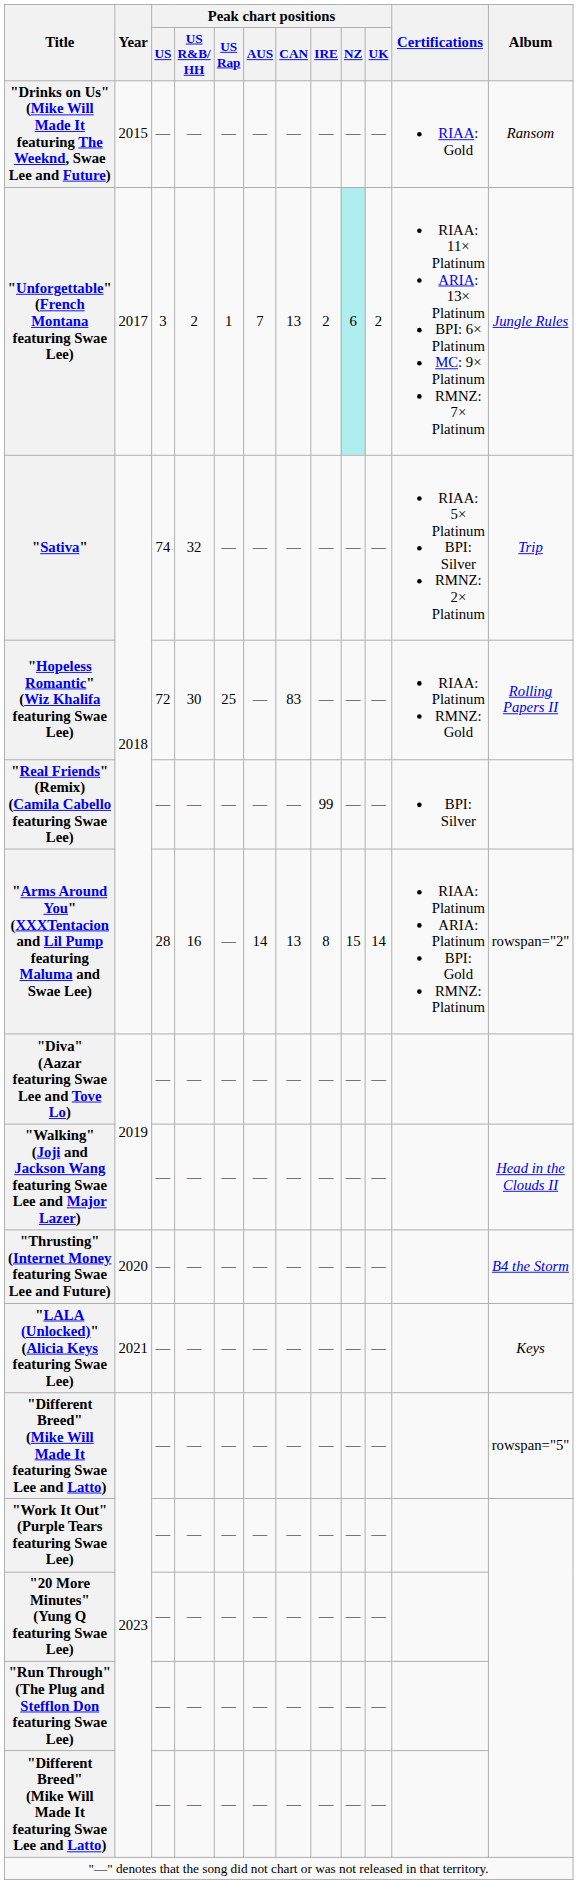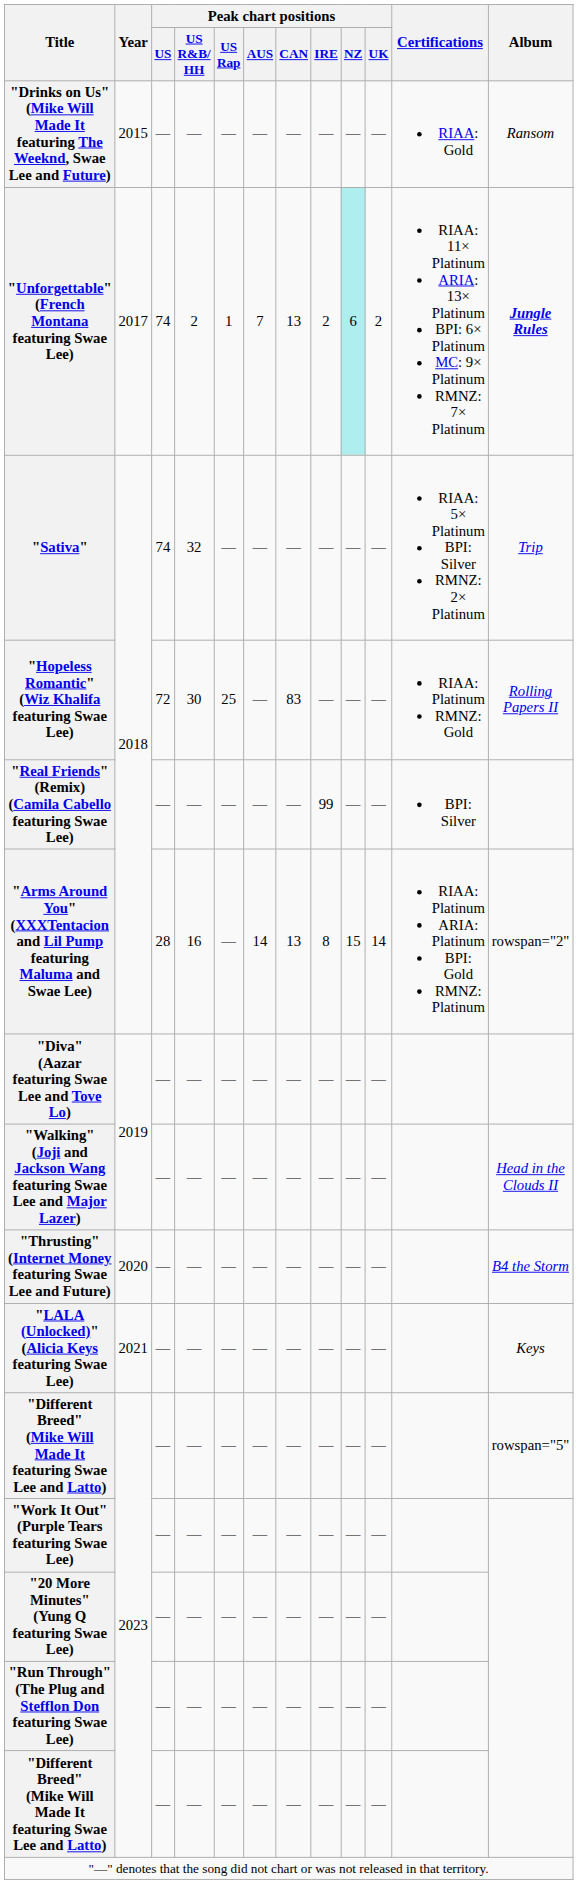 <table class="wikitable plainrowheaders" style="text-align:center;">
 <tr>
 <th scope="col" rowspan="2">Title</th>
 <th scope="col" rowspan="2">Year</th>
 <th scope="col" colspan="8">Peak chart positions</th>
 <th scope="col" rowspan="2"><a href='#'>Certifications</a></th>
 <th scope="col" rowspan="2">Album</th>
 </tr>
 <tr>
 <th scope="col" style="width:3em;font-size:90%;"><a href='#'>US</a><br></th>
 <th scope="col" style="width:3em;font-size:90%;"><a href='#'>US<br>R&B/<br>HH</a><br></th>
 <th scope="col" style="width:3em;font-size:90%;"><a href='#'>US<br>Rap</a><br></th>
 <th scope="col" style="width:3em;font-size:90%;"><a href='#'>AUS</a><br></th>
 <th scope="col" style="width:3em;font-size:90%;"><a href='#'>CAN</a><br></th>
 <th scope="col" style="width:3em;font-size:90%;"><a href='#'>IRE</a><br></th>
 <th scope="col" style="width:3em;font-size:90%;"><a href='#'>NZ</a><br></th>
 <th scope="col" style="width:3em;font-size:90%;"><a href='#'>UK</a><br></th>
 </tr>
 <tr>
 <th scope="row">"Drinks on Us"<br><span>(<a href='#'>Mike Will Made It</a> featuring <a href='#'>The Weeknd</a>, Swae Lee and <a href='#'>Future</a>)</span></th>
 <td>2015</td>
 <td>—</td>
 <td>—</td>
 <td>—</td>
 <td>—</td>
 <td>—</td>
 <td>—</td>
 <td>—</td>
 <td>—</td>
 <td><br><ul><li><a href='#'>RIAA</a>: Gold</li></ul></td>
 <td><em>Ransom</em></td>
 </tr>
 <tr>
 <th scope="row">"<a href='#'>Unforgettable</a>"<br><span>(<a href='#'>French Montana</a> featuring Swae Lee)</span></th>
 <td>2017</td>
-<td>3</td>
+<td>74</td>
 <td>2</td>
 <td>1</td>
 <td>7</td>
 <td>13</td>
 <td>2</td>
 <td style="background: paleturquoise;">6</td>
 <td>2</td>
 <td><br><ul><li>RIAA: 11× Platinum</li><li><a href='#'>ARIA</a>: 13× Platinum</li><li>BPI: 6× Platinum</li><li><a href='#'>MC</a>: 9× Platinum</li><li>RMNZ: 7× Platinum</li></ul></td>
-<td><em><a href='#'>Jungle Rules</a></em></td>
+<td><strong><em><a href='#'>Jungle Rules</a></em></strong></td>
 </tr>
 <tr>
 <th scope="row">"<a href='#'>Sativa</a>"<br></th>
 <td rowspan="4">2018</td>
 <td>74</td>
 <td>32</td>
 <td>—</td>
 <td>—</td>
 <td>—</td>
 <td>—</td>
 <td>—</td>
 <td>—</td>
 <td><br><ul><li>RIAA: 5× Platinum</li><li>BPI: Silver</li><li>RMNZ: 2× Platinum</li></ul></td>
 <td><em><a href='#'>Trip</a></em></td>
 </tr>
 <tr>
 <th scope="row">"<a href='#'>Hopeless Romantic</a>"<br><span>(<a href='#'>Wiz Khalifa</a> featuring Swae Lee)</span></th>
 <td>72</td>
 <td>30</td>
 <td>25</td>
 <td>—</td>
 <td>83</td>
 <td>—</td>
 <td>—</td>
 <td>—</td>
 <td><br><ul><li>RIAA: Platinum</li><li>RMNZ: Gold</li></ul></td>
 <td><em><a href='#'>Rolling Papers II</a></em></td>
 </tr>
 <tr>
 <th scope="row">"<a href='#'>Real Friends</a>" (Remix)<br><span>(<a href='#'>Camila Cabello</a> featuring Swae Lee)</span></th>
 <td>—</td>
 <td>—</td>
 <td>—</td>
 <td>—</td>
 <td>—</td>
 <td>99</td>
 <td>—</td>
 <td>—</td>
 <td><br><ul><li>BPI: Silver</li></ul></td>
 <td></td>
 </tr>
 <tr>
 <th scope="row">"<a href='#'>Arms Around You</a>"<br><span>(<a href='#'>XXXTentacion</a> and <a href='#'>Lil Pump</a> featuring <a href='#'>Maluma</a> and Swae Lee)</span></th>
 <td>28</td>
 <td>16</td>
 <td>—</td>
 <td>14</td>
 <td>13</td>
 <td>8</td>
 <td>15</td>
 <td>14</td>
 <td><br><ul><li>RIAA: Platinum</li><li>ARIA: Platinum</li><li>BPI: Gold</li><li>RMNZ: Platinum</li></ul></td>
 <td>rowspan="2" </td>
 </tr>
 <tr>
 <th scope="row">"Diva" <br><span>(Aazar featuring Swae Lee and <a href='#'>Tove Lo</a>)</span></th>
 <td rowspan="2">2019</td>
 <td>—</td>
 <td>—</td>
 <td>—</td>
 <td>—</td>
 <td>—</td>
 <td>—</td>
 <td>—</td>
 <td>—</td>
 <td></td>
 </tr>
 <tr>
 <th scope="row">"Walking"<br><span>(<a href='#'>Joji</a> and <a href='#'>Jackson Wang</a> featuring Swae Lee and <a href='#'>Major Lazer</a>)</span></th>
 <td>—</td>
 <td>—</td>
 <td>—</td>
 <td>—</td>
 <td>—</td>
 <td>—</td>
 <td>—</td>
 <td>—</td>
 <td></td>
 <td><em><a href='#'>Head in the Clouds II</a></em></td>
 </tr>
 <tr>
 <th scope="row">"Thrusting"<br><span>(<a href='#'>Internet Money</a> featuring  Swae Lee and Future)</span></th>
 <td>2020</td>
 <td>—</td>
 <td>—</td>
 <td>—</td>
 <td>—</td>
 <td>—</td>
 <td>—</td>
 <td>—</td>
 <td>—</td>
 <td></td>
 <td><em><a href='#'>B4 the Storm</a></em></td>
 </tr>
 <tr>
 <th scope="row">"<a href='#'>LALA (Unlocked)</a>" <br><span>(<a href='#'>Alicia Keys</a> featuring Swae Lee)</span></th>
 <td>2021</td>
 <td>—</td>
 <td>—</td>
 <td>—</td>
 <td>—</td>
 <td>—</td>
 <td>—</td>
 <td>—</td>
 <td>—</td>
 <td></td>
 <td><em>Keys</em></td>
 </tr>
 <tr>
 <th scope="row">"Different Breed"<br><span>(<a href='#'>Mike Will Made It</a> featuring Swae Lee and <a href='#'>Latto</a>)</span></th>
 <td rowspan="5">2023</td>
 <td>—</td>
 <td>—</td>
 <td>—</td>
 <td>—</td>
 <td>—</td>
 <td>—</td>
 <td>—</td>
 <td>—</td>
 <td></td>
 <td>rowspan="5" </td>
 </tr>
 <tr>
 <th scope="row">"Work It Out" <br><span>(Purple Tears featuring Swae Lee)</span></th>
 <td>—</td>
 <td>—</td>
 <td>—</td>
 <td>—</td>
 <td>—</td>
 <td>—</td>
 <td>—</td>
 <td>—</td>
 <td></td>
 </tr>
 <tr>
 <th scope="row">"20 More Minutes"<br><span>(Yung Q featuring Swae Lee)</span></th>
 <td>—</td>
 <td>—</td>
 <td>—</td>
 <td>—</td>
 <td>—</td>
 <td>—</td>
 <td>—</td>
 <td>—</td>
 <td></td>
 </tr>
 <tr>
 <th scope="row">"Run Through"<br><span>(The Plug and <a href='#'>Stefflon Don</a> featuring Swae Lee)</span></th>
 <td>—</td>
 <td>—</td>
 <td>—</td>
 <td>—</td>
 <td>—</td>
 <td>—</td>
 <td>—</td>
 <td>—</td>
 <td></td>
 </tr>
 <tr>
 <th scope="row">"Different Breed"<br><span>(Mike Will Made It featuring Swae Lee and <a href='#'>Latto</a>)</span></th>
 <td>—</td>
 <td>—</td>
 <td>—</td>
 <td>—</td>
 <td>—</td>
 <td>—</td>
 <td>—</td>
 <td>—</td>
 <td></td>
 </tr>
 <tr>
 <td colspan="13" style="font-size:90%">"—" denotes that the song did not chart or was not released in that territory.</td>
 </tr>
 </table>
